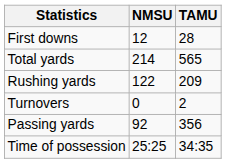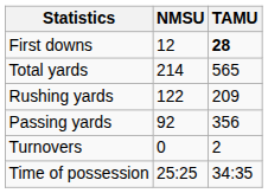 <table class="wikitable" style="float: left;">
 <tr>
 <th>Statistics</th>
 <th>NMSU</th>
 <th>TAMU</th>
 </tr>
 <tr>
 <td>First downs</td>
 <td>12</td>
-<td>28</td>
+<td><strong>28</strong></td>
 </tr>
 <tr>
 <td>Total yards</td>
 <td>214</td>
 <td>565</td>
 </tr>
 <tr>
 <td>Rushing yards</td>
 <td>122</td>
 <td>209</td>
 </tr>
 <tr>
+<td>Passing yards</td>
+<td>92</td>
+<td>356</td>
+</tr>
+<tr>
 <td>Turnovers</td>
 <td>0</td>
 <td>2</td>
-</tr>
-<tr>
-<td>Passing yards</td>
-<td>92</td>
-<td>356</td>
 </tr>
 <tr>
 <td>Time of possession</td>
 <td>25:25</td>
 <td>34:35</td>
 </tr>
 </table>
